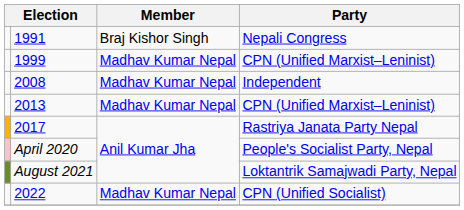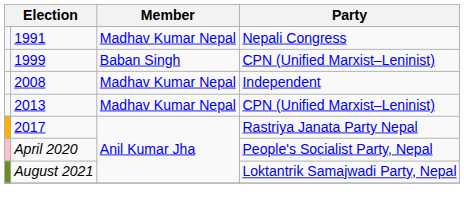 <table class="wikitable">
 <tr>
 <th colspan="2">Election</th>
 <th>Member</th>
 <th>Party</th>
 </tr>
 <tr>
 <td style="background-color:"></td>
 <td><a href='#'>1991</a></td>
-<td>Braj Kishor Singh</td>
+<td><a href='#'>Madhav Kumar Nepal</a></td>
 <td><a href='#'>Nepali Congress</a></td>
 </tr>
 <tr>
 <td style="background-color:"></td>
 <td><a href='#'>1999</a></td>
-<td><a href='#'>Madhav Kumar Nepal</a></td>
+<td><a href='#'>Baban Singh</a></td>
 <td><a href='#'>CPN (Unified Marxist–Leninist)</a></td>
 </tr>
 <tr>
 <td style="background-color:"></td>
 <td><a href='#'>2008</a></td>
 <td><a href='#'>Madhav Kumar Nepal</a></td>
 <td><a href='#'>Independent</a></td>
 </tr>
 <tr>
 <td style="background-color:"></td>
 <td><a href='#'>2013</a></td>
 <td><a href='#'>Madhav Kumar Nepal</a></td>
 <td><a href='#'>CPN (Unified Marxist–Leninist)</a></td>
 </tr>
 <tr>
 <td style="background-color:#ffb300"></td>
 <td><a href='#'>2017</a></td>
 <td rowspan="3"><a href='#'>Anil Kumar Jha</a></td>
 <td><a href='#'>Rastriya Janata Party Nepal</a></td>
 </tr>
 <tr>
 <td style="background-color:pink"></td>
 <td><em>April 2020</em></td>
 <td><a href='#'>People's Socialist Party, Nepal</a></td>
 </tr>
 <tr>
 <td style="background-color:olivedrab"></td>
 <td><em>August 2021</em></td>
 <td><a href='#'>Loktantrik Samajwadi Party, Nepal</a></td>
 </tr>
 <tr>
-<td style="background-color:"></td>
-<td><a href='#'>2022</a></td>
-<td><a href='#'>Madhav Kumar Nepal</a></td>
-<td><a href='#'>CPN (Unified Socialist)</a></td>
-</tr>
-<tr>
 </tr>
 </table>
